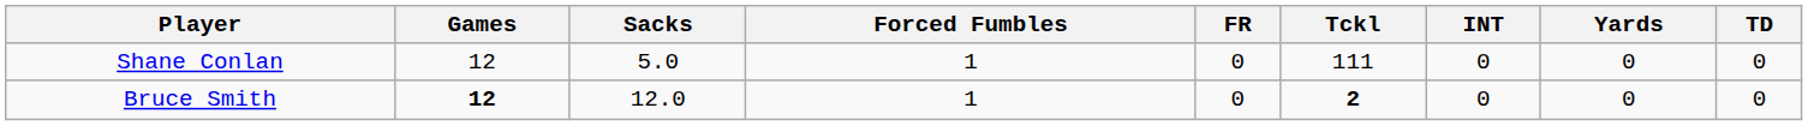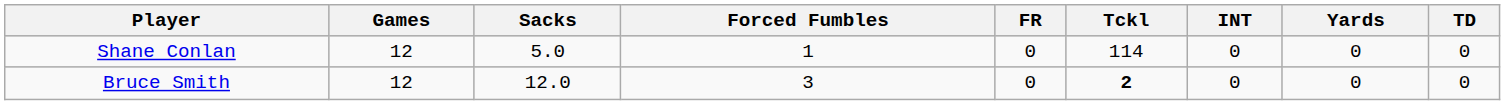 <table class="wikitable" style="width:80%;">
 <tr>
 <th>Player</th>
 <th>Games</th>
 <th>Sacks</th>
 <th>Forced Fumbles</th>
 <th>FR</th>
 <th>Tckl</th>
 <th>INT</th>
 <th>Yards</th>
 <th>TD</th>
 </tr>
 <tr style="text-align:center;" bgcolor="">
 <td><a href='#'>Shane Conlan</a></td>
 <td>12</td>
 <td>5.0</td>
 <td>1</td>
 <td>0</td>
-<td>111</td>
+<td>114</td>
 <td>0</td>
 <td>0</td>
 <td>0</td>
 </tr>
 <tr style="text-align:center;" bgcolor="">
 <td><a href='#'>Bruce Smith</a></td>
-<td><strong>12</strong></td>
+<td>12</td>
 <td>12.0</td>
-<td>1</td>
+<td>3</td>
 <td>0</td>
 <td><strong>2</strong></td>
 <td>0</td>
 <td>0</td>
 <td>0</td>
 </tr>
 </table>
